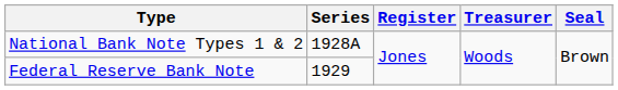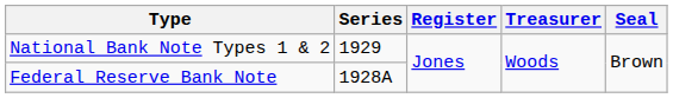 <table class="wikitable sortable">
 <tr>
 <th>Type</th>
 <th>Series</th>
 <th><a href='#'>Register</a></th>
 <th><a href='#'>Treasurer</a></th>
 <th><a href='#'>Seal</a></th>
 </tr>
 <tr>
 <td><a href='#'>National Bank Note</a> Types 1 & 2</td>
-<td>1928A</td>
+<td>1929</td>
 <td rowspan="2"><a href='#'>Jones</a></td>
 <td rowspan="2"><a href='#'>Woods</a></td>
 <td rowspan="2">Brown</td>
 </tr>
 <tr>
 <td><a href='#'>Federal Reserve Bank Note</a></td>
-<td>1929</td>
+<td>1928A</td>
 </tr>
 </table>
